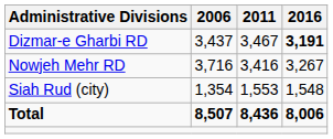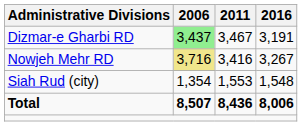 <table class="wikitable">
 <tr>
 <th>Administrative Divisions</th>
 <th>2006</th>
 <th>2011</th>
 <th>2016</th>
 </tr>
 <tr>
 <td><a href='#'>Dizmar-e Gharbi RD</a></td>
-<td style="text-align: right;">3,437</td>
+<td style="background: lightgreen; text-align: right;">3,437</td>
 <td style="text-align: right;">3,467</td>
-<td style="text-align: right;"><strong>3,191</strong></td>
+<td style="text-align: right;">3,191</td>
 </tr>
 <tr>
 <td><a href='#'>Nowjeh Mehr RD</a></td>
-<td style="text-align: right;">3,716</td>
+<td style="background: khaki; text-align: right;">3,716</td>
 <td style="text-align: right;">3,416</td>
 <td style="text-align: right;">3,267</td>
 </tr>
 <tr>
 <td><a href='#'>Siah Rud</a> (city)</td>
 <td style="text-align: right;">1,354</td>
 <td style="text-align: right;">1,553</td>
 <td style="text-align: right;">1,548</td>
 </tr>
 <tr>
 <td><strong>Total</strong></td>
 <td style="text-align: right;"><strong>8,507</strong></td>
 <td style="text-align: right;"><strong>8,436</strong></td>
 <td style="text-align: right;"><strong>8,006</strong></td>
 </tr>
 <tr>
 <td colspan=4></td>
 </tr>
 </table>
